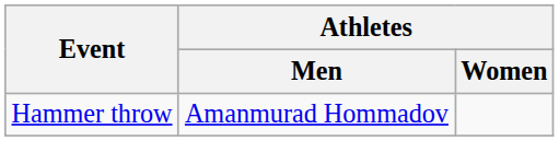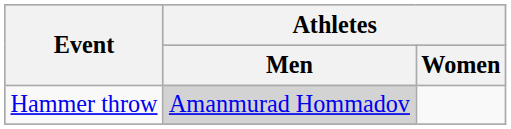 <table class=wikitable style="font-size:90%">
 <tr>
 <th rowspan=2>Event</th>
 <th colspan=2>Athletes</th>
 </tr>
 <tr>
 <th>Men</th>
 <th>Women</th>
 </tr>
 <tr>
 <td><a href='#'>Hammer throw</a></td>
-<td><a href='#'>Amanmurad Hommadov</a></td>
+<td style="background: lightgrey;"><a href='#'>Amanmurad Hommadov</a></td>
 <td></td>
 </tr>
 </table>
